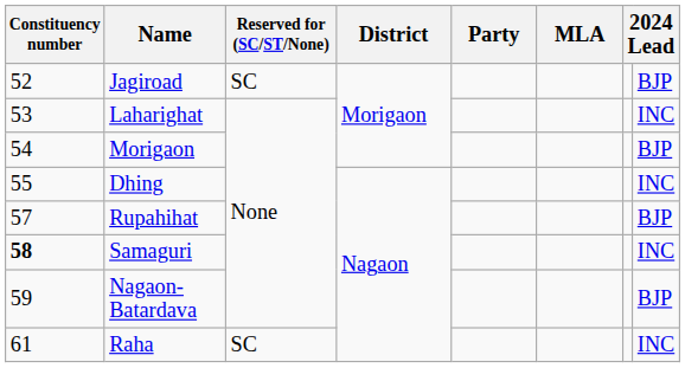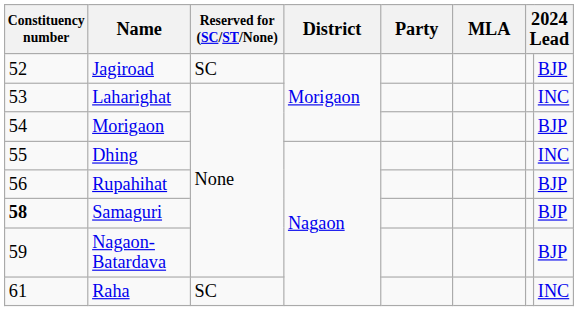 <table class="wikitable" width="500px">
 <tr>
 <th width="50px" style="font-size:75%">Constituency number</th>
 <th width="150px">Name</th>
 <th width="100px" style="font-size:75%">Reserved for (<a href='#'>SC</a>/<a href='#'>ST</a>/None)</th>
 <th width="150px">District</th>
 <th width="150px">Party</th>
 <th width="150px">MLA</th>
 <th colspan="2">2024 Lead</th>
 </tr>
 <tr>
 <td>52</td>
 <td><a href='#'>Jagiroad</a></td>
 <td>SC</td>
 <td Rowspan=3><a href='#'>Morigaon</a></td>
 <td></td>
 <td></td>
 <td style="background-color: "></td>
 <td><a href='#'>BJP</a></td>
 </tr>
 <tr>
 <td>53</td>
 <td><a href='#'>Laharighat</a></td>
 <td Rowspan=6>None</td>
 <td></td>
 <td></td>
 <td style="background-color: "></td>
 <td><a href='#'>INC</a></td>
 </tr>
 <tr>
 <td>54</td>
 <td><a href='#'>Morigaon</a></td>
 <td></td>
 <td></td>
 <td style="background-color: "></td>
 <td><a href='#'>BJP</a></td>
 </tr>
 <tr>
 <td>55</td>
 <td><a href='#'>Dhing</a></td>
 <td Rowspan=5><a href='#'>Nagaon</a></td>
 <td></td>
 <td></td>
 <td style="background-color: "></td>
 <td><a href='#'>INC</a></td>
 </tr>
 <tr>
-<td>57</td>
+<td>56</td>
 <td><a href='#'>Rupahihat</a></td>
 <td></td>
 <td></td>
 <td style="background-color: "></td>
 <td><a href='#'>BJP</a></td>
 </tr>
 <tr>
 <td><strong>58</strong></td>
 <td><a href='#'>Samaguri</a></td>
 <td></td>
 <td></td>
 <td style="background-color: "></td>
-<td><a href='#'>INC</a></td>
+<td><a href='#'>BJP</a></td>
 </tr>
 <tr>
 <td>59</td>
 <td><a href='#'>Nagaon-Batardava</a></td>
 <td></td>
 <td></td>
 <td style="background-color: "></td>
 <td><a href='#'>BJP</a></td>
 </tr>
 <tr>
 <td>61</td>
 <td><a href='#'>Raha</a></td>
 <td>SC</td>
 <td></td>
 <td></td>
 <td style="background-color: "></td>
 <td><a href='#'>INC</a></td>
 </tr>
 </table>
